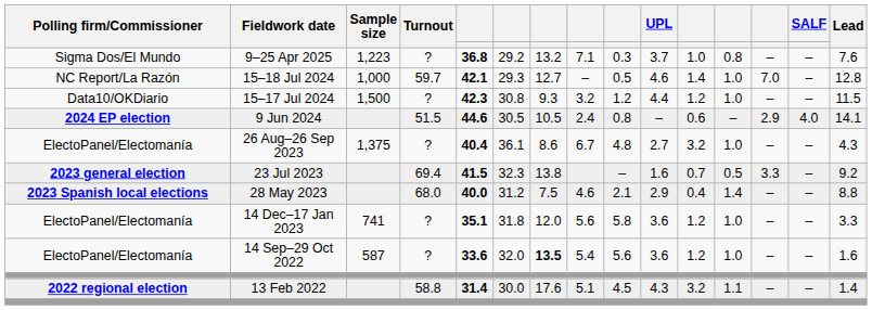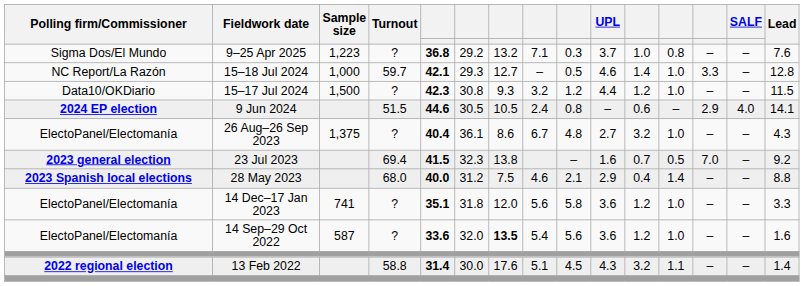 <table class="wikitable collapsible" style="text-align:center; font-size:95%; line-height:16px;">
 <tr style="height:42px;">
 <th style="width:250px;" rowspan="2">Polling firm/Commissioner</th>
 <th style="width:125px;" rowspan="2">Fieldwork date</th>
 <th style="width:50px;" rowspan="2">Sample size</th>
 <th style="width:45px;" rowspan="2">Turnout</th>
 <th style="width:35px;"></th>
 <th style="width:35px;"></th>
 <th style="width:35px;"></th>
 <th style="width:35px;"><br></th>
 <th style="width:35px;"></th>
 <th style="width:35px;"><a href='#'>UPL</a></th>
 <th style="width:35px;"></th>
 <th style="width:35px;"></th>
 <th style="width:35px;"></th>
 <th style="width:35px;"><a href='#'>SALF</a></th>
 <th style="width:30px;" rowspan="2">Lead</th>
 </tr>
 <tr>
 <th style="color:inherit;background:"></th>
 <th style="color:inherit;background:"></th>
 <th style="color:inherit;background:"></th>
 <th style="color:inherit;background:"></th>
 <th style="color:inherit;background:"></th>
 <th style="color:inherit;background:"></th>
 <th style="color:inherit;background:"></th>
 <th style="color:inherit;background:"></th>
 <th style="color:inherit;background:"></th>
 <th style="color:inherit;background:"></th>
 </tr>
 <tr>
 <td>Sigma Dos/El Mundo</td>
 <td>9–25 Apr 2025</td>
 <td>1,223</td>
 <td>?</td>
 <td><strong>36.8</strong><br></td>
 <td>29.2<br></td>
 <td>13.2<br></td>
 <td>7.1<br></td>
 <td>0.3<br></td>
 <td>3.7<br></td>
 <td>1.0<br></td>
 <td>0.8<br></td>
 <td>–</td>
 <td>–</td>
 <td style="background:">7.6</td>
 </tr>
 <tr>
 <td>NC Report/La Razón</td>
 <td>15–18 Jul 2024</td>
 <td>1,000</td>
 <td>59.7</td>
 <td><strong>42.1</strong><br></td>
 <td>29.3<br></td>
 <td>12.7<br></td>
 <td>–</td>
 <td>0.5<br></td>
 <td>4.6<br></td>
 <td>1.4<br></td>
 <td>1.0<br></td>
-<td>7.0<br></td>
+<td>3.3<br></td>
 <td>–</td>
 <td style="background:">12.8</td>
 </tr>
 <tr>
 <td>Data10/OKDiario</td>
 <td>15–17 Jul 2024</td>
 <td>1,500</td>
 <td>?</td>
 <td><strong>42.3</strong><br></td>
 <td>30.8<br></td>
 <td>9.3<br></td>
 <td>3.2<br></td>
 <td>1.2<br></td>
 <td>4.4<br></td>
 <td>1.2<br></td>
 <td>1.0<br></td>
 <td>–</td>
 <td>–</td>
 <td style="background:">11.5</td>
 </tr>
 <tr style="background:#EFEFEF;">
 <td><strong><a href='#'>2024 EP election</a></strong></td>
 <td>9 Jun 2024</td>
 <td></td>
 <td>51.5</td>
 <td><strong>44.6</strong><br></td>
 <td>30.5<br></td>
 <td>10.5<br></td>
 <td>2.4<br></td>
 <td>0.8<br></td>
 <td>–</td>
 <td>0.6<br></td>
 <td>–</td>
 <td>2.9<br></td>
 <td>4.0<br></td>
 <td style="background:">14.1</td>
 </tr>
 <tr>
 <td>ElectoPanel/Electomanía</td>
 <td>26 Aug–26 Sep 2023</td>
 <td>1,375</td>
 <td>?</td>
 <td><strong>40.4</strong><br></td>
 <td>36.1<br></td>
 <td>8.6<br></td>
 <td>6.7<br></td>
 <td>4.8<br></td>
 <td>2.7<br></td>
 <td>3.2<br></td>
 <td>1.0<br></td>
 <td>–</td>
 <td>–</td>
 <td style="background:">4.3</td>
 </tr>
 <tr style="background:#EFEFEF;">
 <td><strong><a href='#'>2023 general election</a></strong></td>
 <td>23 Jul 2023</td>
 <td></td>
 <td>69.4</td>
 <td><strong>41.5</strong><br></td>
 <td>32.3<br></td>
 <td>13.8<br></td>
 <td></td>
 <td>–</td>
 <td>1.6<br></td>
 <td>0.7<br></td>
 <td>0.5<br></td>
-<td>3.3<br></td>
+<td>7.0<br></td>
 <td>–</td>
 <td style="background:">9.2</td>
 </tr>
 <tr style="background:#EFEFEF;">
 <td><strong><a href='#'>2023 Spanish local elections</a></strong></td>
 <td>28 May 2023</td>
 <td></td>
 <td>68.0</td>
 <td><strong>40.0</strong></td>
 <td>31.2</td>
 <td>7.5</td>
 <td>4.6</td>
 <td>2.1</td>
 <td>2.9</td>
 <td>0.4</td>
 <td>1.4</td>
 <td>–</td>
 <td>–</td>
 <td style="background:">8.8</td>
 </tr>
 <tr>
 <td>ElectoPanel/Electomanía</td>
 <td>14 Dec–17 Jan 2023</td>
 <td>741</td>
 <td>?</td>
 <td><strong>35.1</strong><br></td>
 <td>31.8<br></td>
 <td>12.0<br></td>
 <td>5.6<br></td>
 <td>5.8<br></td>
 <td>3.6<br></td>
 <td>1.2<br></td>
 <td>1.0<br></td>
 <td>–</td>
 <td>–</td>
 <td style="background:">3.3</td>
 </tr>
 <tr>
 <td>ElectoPanel/Electomanía</td>
 <td>14 Sep–29 Oct 2022</td>
 <td>587</td>
 <td>?</td>
 <td><strong>33.6</strong><br></td>
 <td>32.0<br></td>
 <td><strong>13.5<br></strong></td>
 <td>5.4<br></td>
 <td>5.6<br></td>
 <td>3.6<br></td>
 <td>1.2<br></td>
 <td>1.0<br></td>
 <td>–</td>
 <td>–</td>
 <td style="background:">1.6</td>
 </tr>
 <tr>
 <td colspan="15" style="background:#A0A0A0"></td>
 </tr>
 <tr style="background:#EFEFEF;">
 <td><strong><a href='#'>2022 regional election</a></strong></td>
 <td>13 Feb 2022</td>
 <td></td>
 <td>58.8</td>
 <td><strong>31.4</strong><br></td>
 <td>30.0<br></td>
 <td>17.6<br></td>
 <td>5.1<br></td>
 <td>4.5<br></td>
 <td>4.3<br></td>
 <td>3.2<br></td>
 <td>1.1<br></td>
 <td>–</td>
 <td>–</td>
 <td style="background:">1.4</td>
 </tr>
 <tr>
 <td colspan="15" style="background:#A0A0A0"></td>
 </tr>
 </table>
